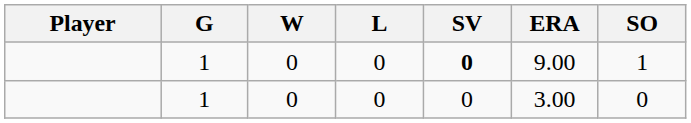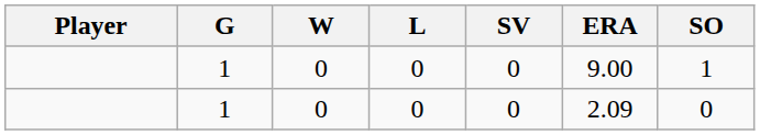 <table class="wikitable sortable">
 <tr>
 <th bgcolor="#DDDDFF" width="16%">Player</th>
 <th bgcolor="#DDDDFF" width="9%">G</th>
 <th bgcolor="#DDDDFF" width="9%">W</th>
 <th bgcolor="#DDDDFF" width="9%">L</th>
 <th bgcolor="#DDDDFF" width="9%">SV</th>
 <th bgcolor="#DDDDFF" width="9%">ERA</th>
 <th bgcolor="#DDDDFF" width="9%">SO</th>
 </tr>
 <tr align="center">
 <td></td>
 <td>1</td>
 <td>0</td>
 <td>0</td>
-<td><strong>0</strong></td>
+<td>0</td>
 <td>9.00</td>
 <td>1</td>
 </tr>
 <tr align="center">
 <td></td>
 <td>1</td>
 <td>0</td>
 <td>0</td>
 <td>0</td>
-<td>3.00</td>
+<td>2.09</td>
 <td>0</td>
 </tr>
 </table>
